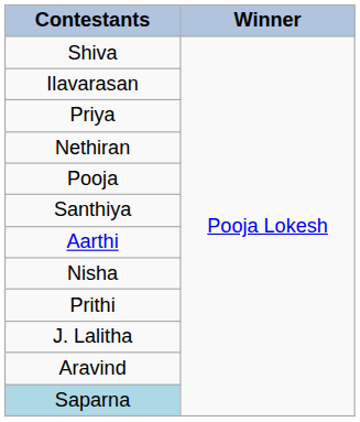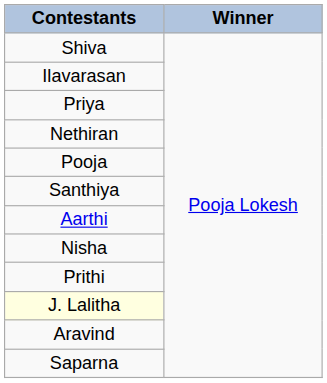 <table class="wikitable" style="text-align:center;">
 <tr>
 <th style="width:100pt; background:LightSteelBlue;">Contestants</th>
 <th style="width:100pt; background:LightSteelBlue;">Winner</th>
 </tr>
 <tr>
 <td>Shiva</td>
 <td rowspan="12"><a href='#'>Pooja Lokesh</a></td>
 </tr>
 <tr>
 <td>Ilavarasan</td>
 </tr>
 <tr>
 <td>Priya</td>
 </tr>
 <tr>
 <td>Nethiran</td>
 </tr>
 <tr>
 <td>Pooja</td>
 </tr>
 <tr>
 <td>Santhiya</td>
 </tr>
 <tr>
 <td><a href='#'>Aarthi</a></td>
 </tr>
 <tr>
 <td>Nisha</td>
 </tr>
 <tr>
 <td>Prithi</td>
 </tr>
 <tr>
-<td>J. Lalitha</td>
+<td style="background: lightyellow;">J. Lalitha</td>
 </tr>
 <tr>
 <td>Aravind</td>
 </tr>
 <tr>
-<td style="background: lightblue;">Saparna</td>
+<td>Saparna</td>
 </tr>
 </table>
